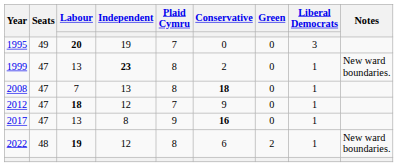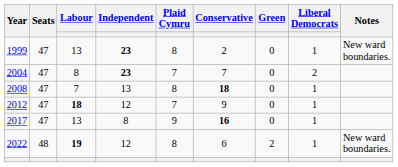 <table class="wikitable" style=text-align:center>
 <tr>
 <th rowspan=2>Year</th>
 <th rowspan=2>Seats</th>
 <th width="80"><a href='#'>Labour</a></th>
 <th width="80"><a href='#'>Independent</a></th>
 <th width="80"><a href='#'>Plaid Cymru</a></th>
 <th width="80"><a href='#'>Conservative</a></th>
 <th width="80"><a href='#'>Green</a></th>
 <th width="80"><a href='#'>Liberal Democrats</a></th>
 <th rowspan=2>Notes</th>
 </tr>
 <tr>
 <th style="background-color: "></th>
 <th style="background-color: "></th>
 <th style="background-color: "></th>
 <th style="background-color: "></th>
 <th style="background-color: "></th>
 <th style="background-color: "></th>
 </tr>
 <tr>
-<td><a href='#'>1995</a></td>
-<td>49</td>
-<td><strong>20</strong></td>
-<td>19</td>
-<td>7</td>
-<td>0</td>
-<td>0</td>
-<td>3</td>
-<td></td>
-</tr>
-<tr>
 <td><a href='#'>1999</a></td>
 <td>47</td>
 <td>13</td>
 <td><strong>23</strong></td>
 <td>8</td>
 <td>2</td>
 <td>0</td>
 <td>1</td>
 <td align=left>New ward boundaries.</td>
+</tr>
+<tr>
+<td><a href='#'>2004</a></td>
+<td>47</td>
+<td>8</td>
+<td><strong>23</strong></td>
+<td>7</td>
+<td>7</td>
+<td>0</td>
+<td>2</td>
+<td></td>
 </tr>
 <tr>
 <td><a href='#'>2008</a></td>
 <td>47</td>
 <td>7</td>
 <td>13</td>
 <td>8</td>
 <td><strong>18</strong></td>
 <td>0</td>
 <td>1</td>
 <td></td>
 </tr>
 <tr>
 <td><a href='#'>2012</a></td>
 <td>47</td>
 <td><strong>18</strong></td>
 <td>12</td>
 <td>7</td>
 <td>9</td>
 <td>0</td>
 <td>1</td>
 <td></td>
 </tr>
 <tr>
 <td><a href='#'>2017</a></td>
 <td>47</td>
 <td>13</td>
 <td>8</td>
 <td>9</td>
 <td><strong>16</strong></td>
 <td>0</td>
 <td>1</td>
 <td></td>
 </tr>
 <tr>
 <td><a href='#'>2022</a></td>
 <td>48</td>
 <td><strong>19</strong></td>
 <td>12</td>
 <td>8</td>
 <td>6</td>
 <td>2</td>
 <td>1</td>
 <td align=left>New ward boundaries.</td>
 </tr>
 <tr>
 <th></th>
 <th></th>
 <th style="background-color: "></th>
 <th style="background-color: "></th>
 <th style="background-color: "></th>
 <th style="background-color: "></th>
 <th style="background-color: "></th>
 <th style="background-color: "></th>
 <th></th>
 </tr>
 </table>
